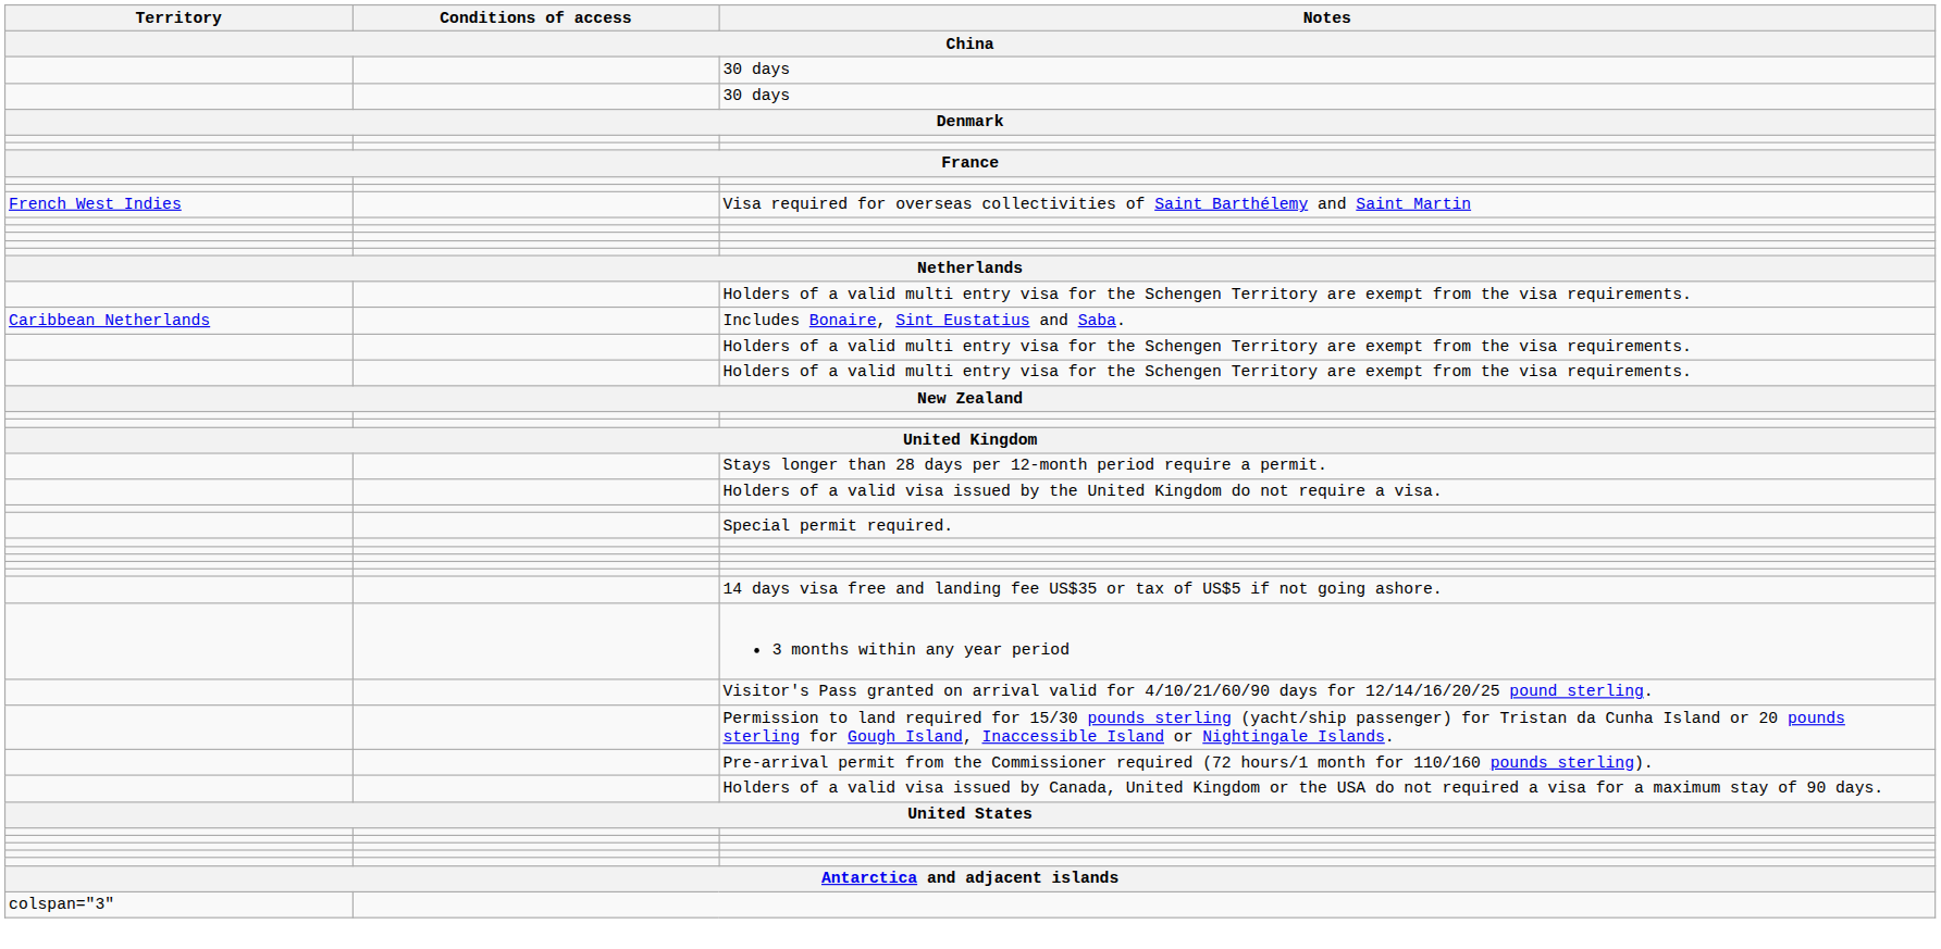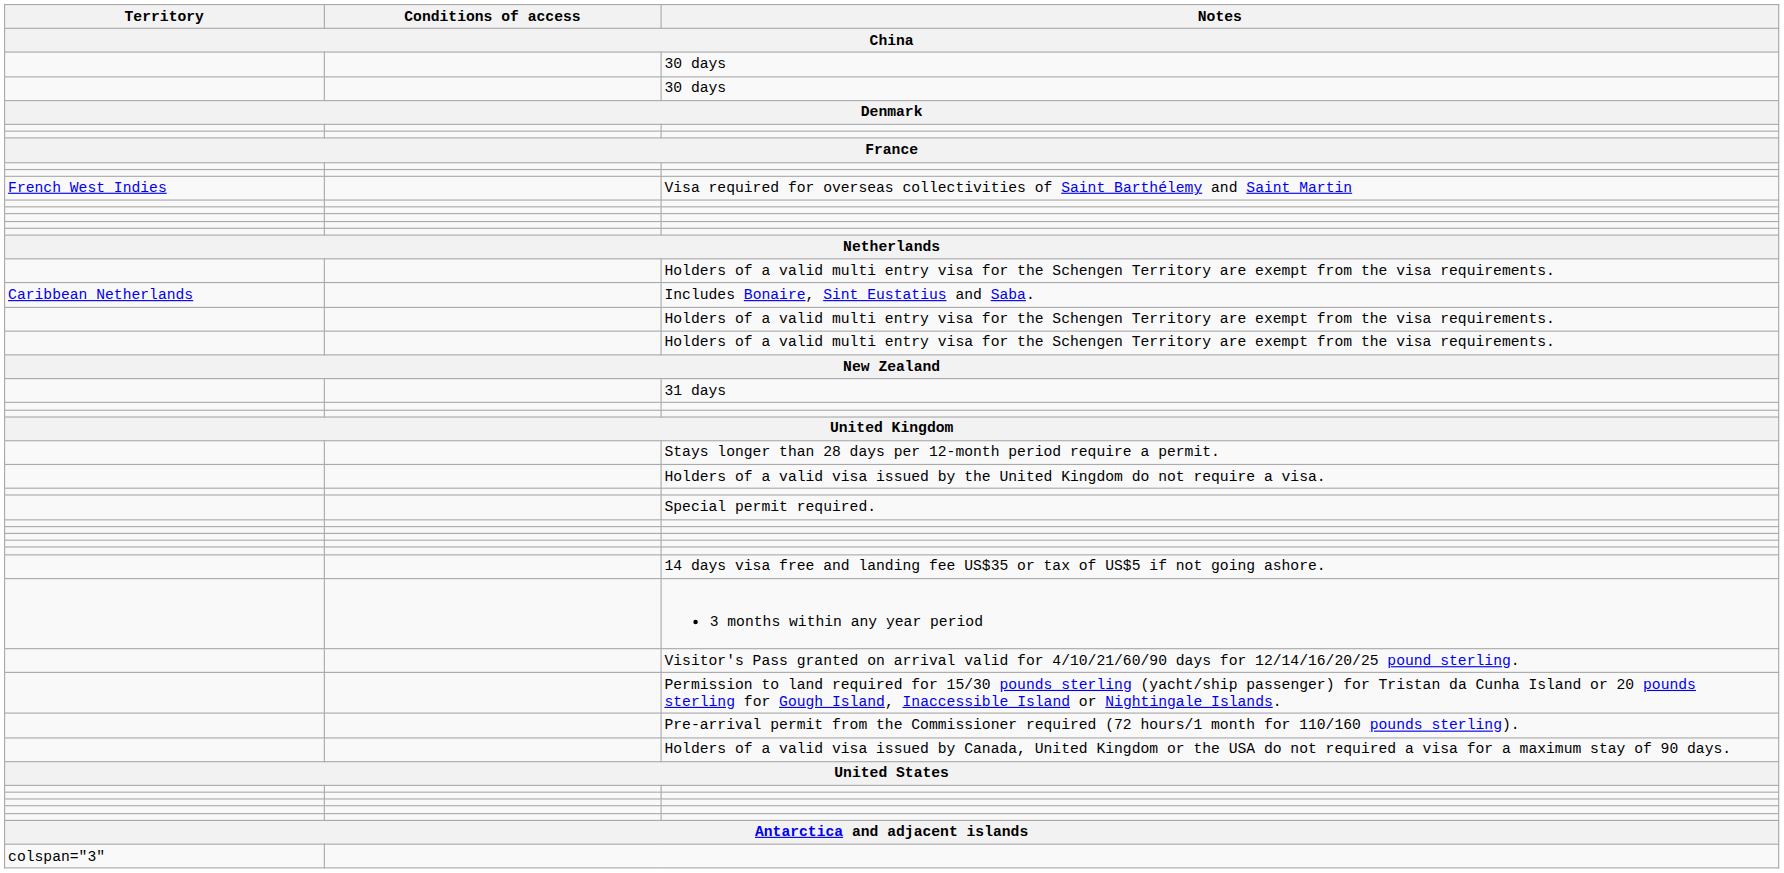 <table class="wikitable" style="text-align: left; table-layout: fixed;">
 <tr>
 <th style="width:18%;">Territory</th>
 <th style="width:19%;">Conditions of access</th>
 <th>Notes</th>
 </tr>
 <tr>
 <th colspan="3">China</th>
 </tr>
 <tr>
 <td></td>
 <td></td>
 <td>30 days</td>
 </tr>
 <tr>
 <td></td>
 <td></td>
 <td>30 days</td>
 </tr>
 <tr>
 <th colspan="3">Denmark</th>
 </tr>
 <tr>
 <td></td>
 <td></td>
 <td></td>
 </tr>
 <tr>
 <td></td>
 <td></td>
 <td></td>
 </tr>
 <tr>
 <th colspan="3">France</th>
 </tr>
 <tr>
 <td></td>
 <td></td>
 <td></td>
 </tr>
 <tr>
 <td></td>
 <td></td>
 <td></td>
 </tr>
 <tr>
 <td> <a href='#'>French West Indies</a></td>
 <td></td>
 <td>Visa required for overseas collectivities of <a href='#'>Saint Barthélemy</a> and <a href='#'>Saint Martin</a></td>
 </tr>
 <tr>
 <td></td>
 <td></td>
 <td></td>
 </tr>
 <tr>
 <td></td>
 <td></td>
 <td></td>
 </tr>
 <tr>
 <td></td>
 <td></td>
 <td></td>
 </tr>
 <tr>
 <td></td>
 <td></td>
 <td></td>
 </tr>
 <tr>
 <td></td>
 <td></td>
 <td></td>
 </tr>
 <tr>
 <th colspan="3">Netherlands</th>
 </tr>
 <tr>
 <td></td>
 <td></td>
 <td>Holders of a valid multi entry visa for the Schengen Territory are exempt from the visa requirements.</td>
 </tr>
 <tr>
 <td> <a href='#'>Caribbean Netherlands</a></td>
 <td></td>
 <td>Includes <a href='#'>Bonaire</a>, <a href='#'>Sint Eustatius</a> and <a href='#'>Saba</a>.</td>
 </tr>
 <tr>
 <td></td>
 <td></td>
 <td>Holders of a valid multi entry visa for the Schengen Territory are exempt from the visa requirements.</td>
 </tr>
 <tr>
 <td></td>
 <td></td>
 <td>Holders of a valid multi entry visa for the Schengen Territory are exempt from the visa requirements.</td>
 </tr>
 <tr>
 <th colspan="3">New Zealand</th>
+</tr>
+<tr>
+<td></td>
+<td></td>
+<td>31 days</td>
 </tr>
 <tr>
 <td></td>
 <td></td>
 <td></td>
 </tr>
 <tr>
 <td></td>
 <td></td>
 <td></td>
 </tr>
 <tr>
 <th colspan="3">United Kingdom</th>
 </tr>
 <tr>
 <td></td>
 <td></td>
 <td>Stays longer than 28 days per 12-month period require a permit.</td>
 </tr>
 <tr>
 <td></td>
 <td></td>
 <td>Holders of a valid visa issued by the United Kingdom do not require a visa.</td>
 </tr>
 <tr>
 <td></td>
 <td></td>
 <td></td>
 </tr>
 <tr>
 <td></td>
 <td></td>
 <td>Special permit required.</td>
 </tr>
 <tr>
 <td></td>
 <td></td>
 <td></td>
 </tr>
 <tr>
 <td></td>
 <td></td>
 <td></td>
 </tr>
 <tr>
 <td></td>
 <td></td>
 <td></td>
 </tr>
 <tr>
 <td></td>
 <td></td>
 <td></td>
 </tr>
 <tr>
 <td></td>
 <td></td>
 <td></td>
 </tr>
 <tr>
 <td></td>
 <td></td>
 <td>14 days visa free and landing fee US$35 or tax of US$5 if not going ashore.</td>
 </tr>
 <tr>
 <td></td>
 <td></td>
 <td><br><ul><li>3 months within any year period</li></ul></td>
 </tr>
 <tr>
 <td></td>
 <td></td>
 <td>Visitor's Pass granted on arrival valid for 4/10/21/60/90 days for 12/14/16/20/25 <a href='#'>pound sterling</a>.</td>
 </tr>
 <tr>
 <td></td>
 <td></td>
 <td>Permission to land required for 15/30 <a href='#'>pounds sterling</a> (yacht/ship passenger) for Tristan da Cunha Island or 20 <a href='#'>pounds sterling</a> for <a href='#'>Gough Island</a>, <a href='#'>Inaccessible Island</a> or <a href='#'>Nightingale Islands</a>.</td>
 </tr>
 <tr>
 <td></td>
 <td></td>
 <td>Pre-arrival permit from the Commissioner required (72 hours/1 month for 110/160 <a href='#'>pounds sterling</a>).</td>
 </tr>
 <tr>
 <td></td>
 <td></td>
 <td>Holders of a valid visa issued by Canada, United Kingdom or the USA do not required a visa for a maximum stay of 90 days.</td>
 </tr>
 <tr>
 <th colspan="3">United States</th>
 </tr>
 <tr>
 <td></td>
 <td></td>
 <td></td>
 </tr>
 <tr>
 <td></td>
 <td></td>
 <td></td>
 </tr>
 <tr>
 <td></td>
 <td></td>
 <td></td>
 </tr>
 <tr>
 <td></td>
 <td></td>
 <td></td>
 </tr>
 <tr>
 <td></td>
 <td></td>
 <td></td>
 </tr>
 <tr>
 <th colspan="3"><a href='#'>Antarctica</a> and adjacent islands</th>
 </tr>
 <tr>
 <td>colspan="3" </td>
 </tr>
 </table>
